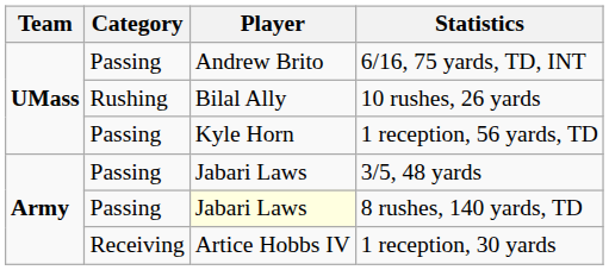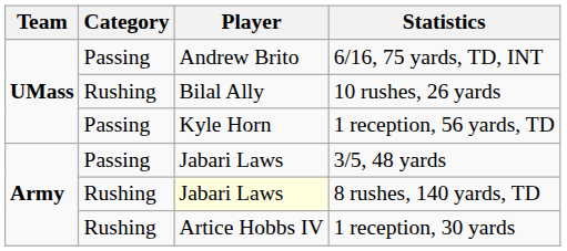 <table class="wikitable" style="float: left;">
 <tr>
 <th>Team</th>
 <th>Category</th>
 <th>Player</th>
 <th>Statistics</th>
 </tr>
 <tr>
 <td rowspan=3><strong>UMass</strong></td>
 <td>Passing</td>
 <td>Andrew Brito</td>
 <td>6/16, 75 yards, TD, INT</td>
 </tr>
 <tr>
 <td>Rushing</td>
 <td>Bilal Ally</td>
 <td>10 rushes, 26 yards</td>
 </tr>
 <tr>
 <td>Passing</td>
 <td>Kyle Horn</td>
 <td>1 reception, 56 yards, TD</td>
 </tr>
 <tr>
 <td rowspan=3><strong>Army</strong></td>
 <td>Passing</td>
 <td>Jabari Laws</td>
 <td>3/5, 48 yards</td>
 </tr>
 <tr>
-<td>Passing</td>
+<td>Rushing</td>
 <td style="background: lightyellow;">Jabari Laws</td>
 <td>8 rushes, 140 yards, TD</td>
 </tr>
 <tr>
-<td>Receiving</td>
+<td>Rushing</td>
 <td>Artice Hobbs IV</td>
 <td>1 reception, 30 yards</td>
 </tr>
 </table>
